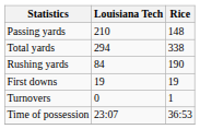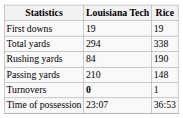 <table class="wikitable" style="float: right;">
 <tr>
 <th>Statistics</th>
 <th>Louisiana Tech</th>
 <th>Rice</th>
 </tr>
 <tr>
-<td>Passing yards</td>
-<td>210</td>
-<td>148</td>
+<td>First downs</td>
+<td>19</td>
+<td>19</td>
 </tr>
 <tr>
 <td>Total yards</td>
 <td>294</td>
 <td>338</td>
 </tr>
 <tr>
 <td>Rushing yards</td>
 <td>84</td>
 <td>190</td>
 </tr>
 <tr>
-<td>First downs</td>
-<td>19</td>
-<td>19</td>
+<td>Passing yards</td>
+<td>210</td>
+<td>148</td>
 </tr>
 <tr>
 <td>Turnovers</td>
-<td>0</td>
+<td><strong>0</strong></td>
 <td>1</td>
 </tr>
 <tr>
 <td>Time of possession</td>
 <td>23:07</td>
 <td>36:53</td>
 </tr>
 <tr>
 </tr>
 </table>
